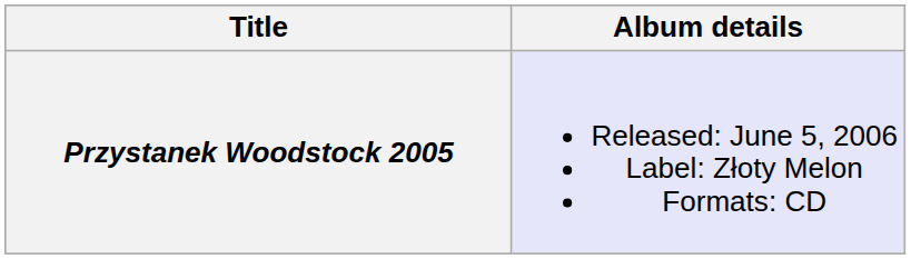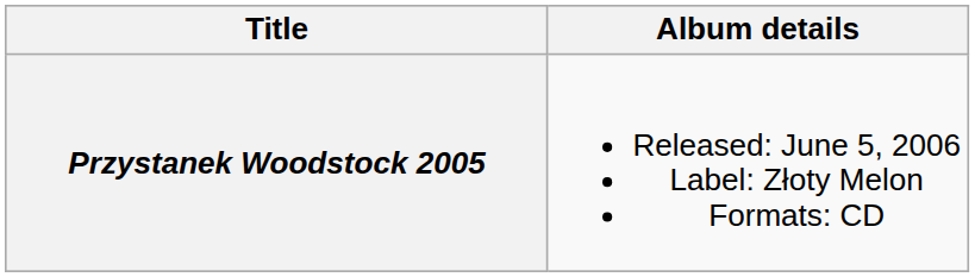 <table class="wikitable plainrowheaders" style="text-align:center;">
 <tr>
 <th scope="col" style="width:17em;">Title</th>
 <th scope="col">Album details</th>
 </tr>
 <tr>
 <th scope="row"><em>Przystanek Woodstock 2005</em></th>
-<td style="background: lavender;"><br><ul><li>Released: June 5, 2006</li><li>Label: Złoty Melon</li><li>Formats: CD</li></ul></td>
+<td><br><ul><li>Released: June 5, 2006</li><li>Label: Złoty Melon</li><li>Formats: CD</li></ul></td>
 </tr>
 </table>
